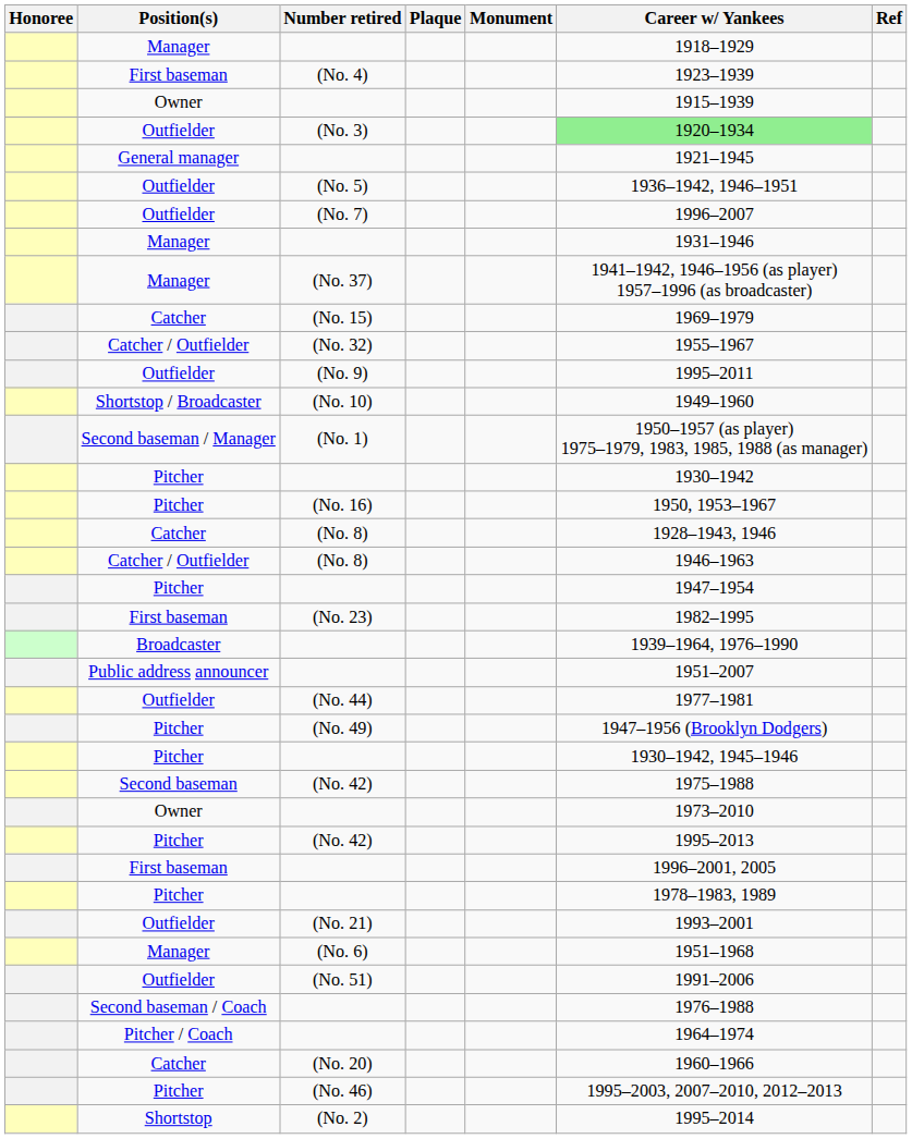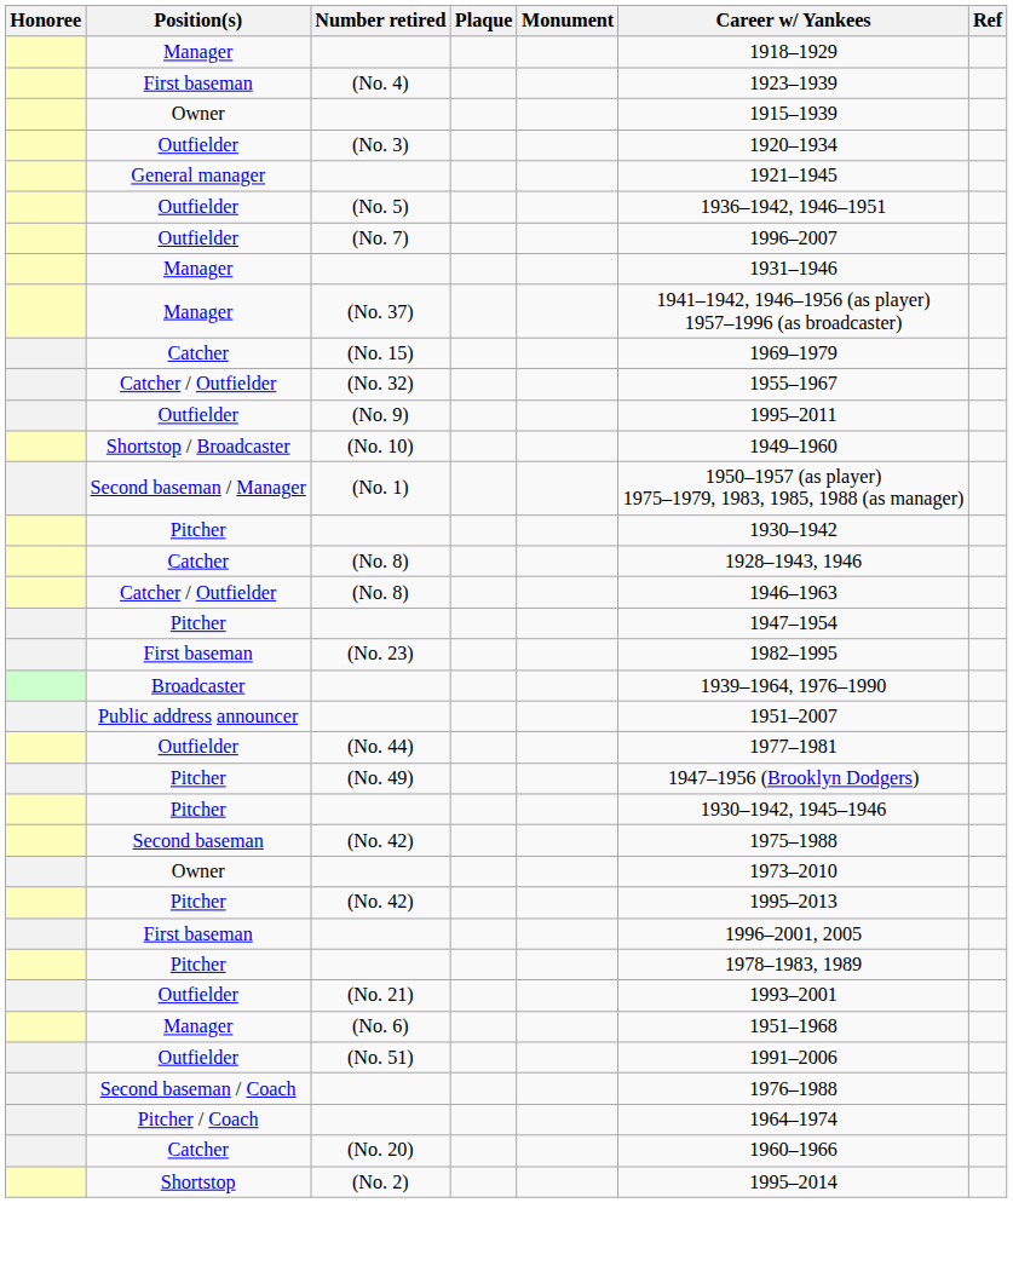 <table class="wikitable sortable plainrowheaders" style="text-align:center">
 <tr>
 <th scope="col">Honoree</th>
 <th scope="col">Position(s)</th>
 <th scope="col">Number retired</th>
 <th scope="col">Plaque</th>
 <th scope="col">Monument</th>
 <th>Career w/ Yankees</th>
 <th scope="col" class="unsortable">Ref</th>
 </tr>
 <tr>
 <th scope="row" style="background:#ffb; text-align:center"></th>
 <td><a href='#'>Manager</a></td>
 <td></td>
 <td></td>
 <td></td>
 <td>1918–1929</td>
 <td></td>
 </tr>
 <tr>
 <th scope="row" style="background:#ffb; text-align:center"></th>
 <td><a href='#'>First baseman</a></td>
 <td> (No. 4)</td>
 <td></td>
 <td></td>
 <td>1923–1939</td>
 <td></td>
 </tr>
 <tr>
 <th scope="row" style="background:#ffb; text-align:center"></th>
 <td>Owner</td>
 <td></td>
 <td></td>
 <td></td>
 <td>1915–1939</td>
 <td></td>
 </tr>
 <tr>
 <th scope="row" style="background:#ffb; text-align:center"></th>
 <td><a href='#'>Outfielder</a></td>
 <td> (No. 3)</td>
 <td></td>
 <td></td>
-<td style="background: lightgreen;">1920–1934</td>
+<td>1920–1934</td>
 <td></td>
 </tr>
 <tr>
 <th scope="row" style="background:#ffb; text-align:center"></th>
 <td><a href='#'>General manager</a></td>
 <td></td>
 <td></td>
 <td></td>
 <td>1921–1945</td>
 <td></td>
 </tr>
 <tr>
 <th scope="row" style="background:#ffb; text-align:center"></th>
 <td><a href='#'>Outfielder</a></td>
 <td> (No. 5)</td>
 <td></td>
 <td></td>
 <td>1936–1942, 1946–1951</td>
 <td></td>
 </tr>
 <tr>
 <th scope="row" style="background:#ffb; text-align:center"></th>
 <td><a href='#'>Outfielder</a></td>
 <td> (No. 7)</td>
 <td></td>
 <td></td>
 <td>1996–2007</td>
 <td></td>
 </tr>
 <tr>
 <th scope="row" style="background:#ffb; text-align:center"></th>
 <td><a href='#'>Manager</a></td>
 <td></td>
 <td></td>
 <td></td>
 <td>1931–1946</td>
 <td></td>
 </tr>
 <tr>
 <th scope="row" style="background:#ffb; text-align:center"></th>
 <td><a href='#'>Manager</a></td>
 <td> (No. 37)</td>
 <td></td>
 <td></td>
 <td>1941–1942, 1946–1956 (as player)<br>1957–1996 (as broadcaster)</td>
 <td></td>
 </tr>
 <tr>
 <th scope="row" style="text-align:center"></th>
 <td><a href='#'>Catcher</a></td>
 <td> (No. 15)</td>
 <td></td>
 <td></td>
 <td>1969–1979</td>
 <td></td>
 </tr>
 <tr>
 <th scope="row" style="text-align:center"></th>
 <td><a href='#'>Catcher</a> / <a href='#'>Outfielder</a></td>
 <td> (No. 32)</td>
 <td></td>
 <td></td>
 <td>1955–1967</td>
 <td></td>
 </tr>
 <tr>
 <th scope="row" style="text-align:center"></th>
 <td><a href='#'>Outfielder</a></td>
 <td> (No. 9)</td>
 <td></td>
 <td></td>
 <td>1995–2011</td>
 <td></td>
 </tr>
 <tr>
 <th scope="row" style="background:#ffb; text-align:center"></th>
 <td><a href='#'>Shortstop</a> / <a href='#'>Broadcaster</a></td>
 <td> (No. 10)</td>
 <td></td>
 <td></td>
 <td>1949–1960</td>
 <td></td>
 </tr>
 <tr>
 <th scope="row" style="text-align:center"></th>
 <td><a href='#'>Second baseman</a> / <a href='#'>Manager</a></td>
 <td> (No. 1)</td>
 <td></td>
 <td></td>
 <td>1950–1957 (as player)<br>1975–1979, 1983, 1985, 1988 (as manager)</td>
 <td></td>
 </tr>
 <tr>
 <th scope="row" style="background:#ffb; text-align:center"></th>
 <td><a href='#'>Pitcher</a></td>
 <td></td>
 <td></td>
 <td></td>
 <td>1930–1942</td>
-<td></td>
-</tr>
-<tr>
-<th scope="row" style="background:#ffb; text-align:center"></th>
-<td><a href='#'>Pitcher</a></td>
-<td> (No. 16)</td>
-<td></td>
-<td></td>
-<td>1950, 1953–1967</td>
 <td></td>
 </tr>
 <tr>
 <th scope="row" style="background:#ffb; text-align:center"></th>
 <td><a href='#'>Catcher</a></td>
 <td> (No. 8)</td>
 <td></td>
 <td></td>
 <td>1928–1943, 1946</td>
 <td></td>
 </tr>
 <tr>
 <th scope="row" style="background:#ffb; text-align:center"></th>
 <td><a href='#'>Catcher</a> / <a href='#'>Outfielder</a></td>
 <td> (No. 8)</td>
 <td></td>
 <td></td>
 <td>1946–1963</td>
 <td></td>
 </tr>
 <tr>
 <th scope="row" style="text-align:center"></th>
 <td><a href='#'>Pitcher</a></td>
 <td></td>
 <td></td>
 <td></td>
 <td>1947–1954</td>
 <td></td>
 </tr>
 <tr>
 <th scope="row" style="text-align:center"></th>
 <td><a href='#'>First baseman</a></td>
 <td> (No. 23)</td>
 <td></td>
 <td></td>
 <td>1982–1995</td>
 <td></td>
 </tr>
 <tr>
 <th scope="row" style="background:#cfc; text-align:center;"></th>
 <td><a href='#'>Broadcaster</a></td>
 <td></td>
 <td></td>
 <td></td>
 <td>1939–1964, 1976–1990</td>
 <td></td>
 </tr>
 <tr>
 <th scope="row" style="text-align:center"></th>
 <td><a href='#'>Public address</a> <a href='#'>announcer</a></td>
 <td></td>
 <td></td>
 <td></td>
 <td>1951–2007</td>
 <td></td>
 </tr>
 <tr>
 <th scope="row" style="background:#ffb; text-align:center"></th>
 <td><a href='#'>Outfielder</a></td>
 <td> (No. 44)</td>
 <td></td>
 <td></td>
 <td>1977–1981</td>
 <td></td>
 </tr>
 <tr>
 <th scope="row" style="text-align:center"></th>
 <td><a href='#'>Pitcher</a></td>
 <td> (No. 49)</td>
 <td></td>
 <td></td>
 <td>1947–1956 (<a href='#'>Brooklyn Dodgers</a>)</td>
 <td></td>
 </tr>
 <tr>
 <th scope="row" style="background:#ffb; text-align:center"></th>
 <td><a href='#'>Pitcher</a></td>
 <td></td>
 <td></td>
 <td></td>
 <td>1930–1942, 1945–1946</td>
 <td></td>
 </tr>
 <tr>
 <th scope="row" style="background:#ffb; text-align:center"></th>
 <td><a href='#'>Second baseman</a></td>
 <td> (No. 42)</td>
 <td></td>
 <td></td>
 <td>1975–1988</td>
 <td></td>
 </tr>
 <tr>
 <th scope="row" style="text-align:center"></th>
 <td>Owner</td>
 <td></td>
 <td></td>
 <td></td>
 <td>1973–2010</td>
 <td></td>
 </tr>
 <tr>
 <th scope="row" style="background:#ffb; text-align:center"></th>
 <td><a href='#'>Pitcher</a></td>
 <td> (No. 42)</td>
 <td></td>
 <td></td>
 <td>1995–2013</td>
 <td></td>
 </tr>
 <tr>
 <th scope="row" style="text-align:center"></th>
 <td><a href='#'>First baseman</a></td>
 <td></td>
 <td></td>
 <td></td>
 <td>1996–2001, 2005</td>
 <td></td>
 </tr>
 <tr>
 <th scope="row" style="background:#ffb; text-align:center"></th>
 <td><a href='#'>Pitcher</a></td>
 <td></td>
 <td></td>
 <td></td>
 <td>1978–1983, 1989</td>
 <td></td>
 </tr>
 <tr>
 <th scope="row" style="text-align:center"></th>
 <td><a href='#'>Outfielder</a></td>
 <td> (No. 21)</td>
 <td></td>
 <td></td>
 <td>1993–2001</td>
 <td></td>
 </tr>
 <tr>
 <th scope="row" style="background:#ffb; text-align:center"></th>
 <td><a href='#'>Manager</a></td>
 <td> (No. 6)</td>
 <td></td>
 <td></td>
 <td>1951–1968</td>
 <td></td>
 </tr>
 <tr>
 <th scope="row" style="text-align:center"></th>
 <td><a href='#'>Outfielder</a></td>
 <td> (No. 51)</td>
 <td></td>
 <td></td>
 <td>1991–2006</td>
 <td></td>
 </tr>
 <tr>
 <th scope="row" style="text-align:center"></th>
 <td><a href='#'>Second baseman</a> / <a href='#'>Coach</a></td>
 <td></td>
 <td></td>
 <td></td>
 <td>1976–1988</td>
 <td></td>
 </tr>
 <tr>
 <th scope="row" style="text-align:center"></th>
 <td><a href='#'>Pitcher</a> / <a href='#'>Coach</a></td>
 <td></td>
 <td></td>
 <td></td>
 <td>1964–1974</td>
 <td></td>
 </tr>
 <tr>
 <th scope="row" style="text-align:center"></th>
 <td><a href='#'>Catcher</a></td>
 <td> (No. 20)</td>
 <td></td>
 <td></td>
 <td>1960–1966</td>
 <td></td>
 </tr>
 <tr>
-<th scope="row" style="text-align:center"></th>
-<td><a href='#'>Pitcher</a></td>
-<td> (No. 46)</td>
-<td></td>
-<td></td>
-<td>1995–2003, 2007–2010, 2012–2013</td>
-<td></td>
-</tr>
-<tr>
 <th scope="row" style="background:#ffb;text-align:center"></th>
 <td><a href='#'>Shortstop</a></td>
 <td> (No. 2)</td>
 <td></td>
 <td></td>
 <td>1995–2014</td>
 <td></td>
 </tr>
 </table>
